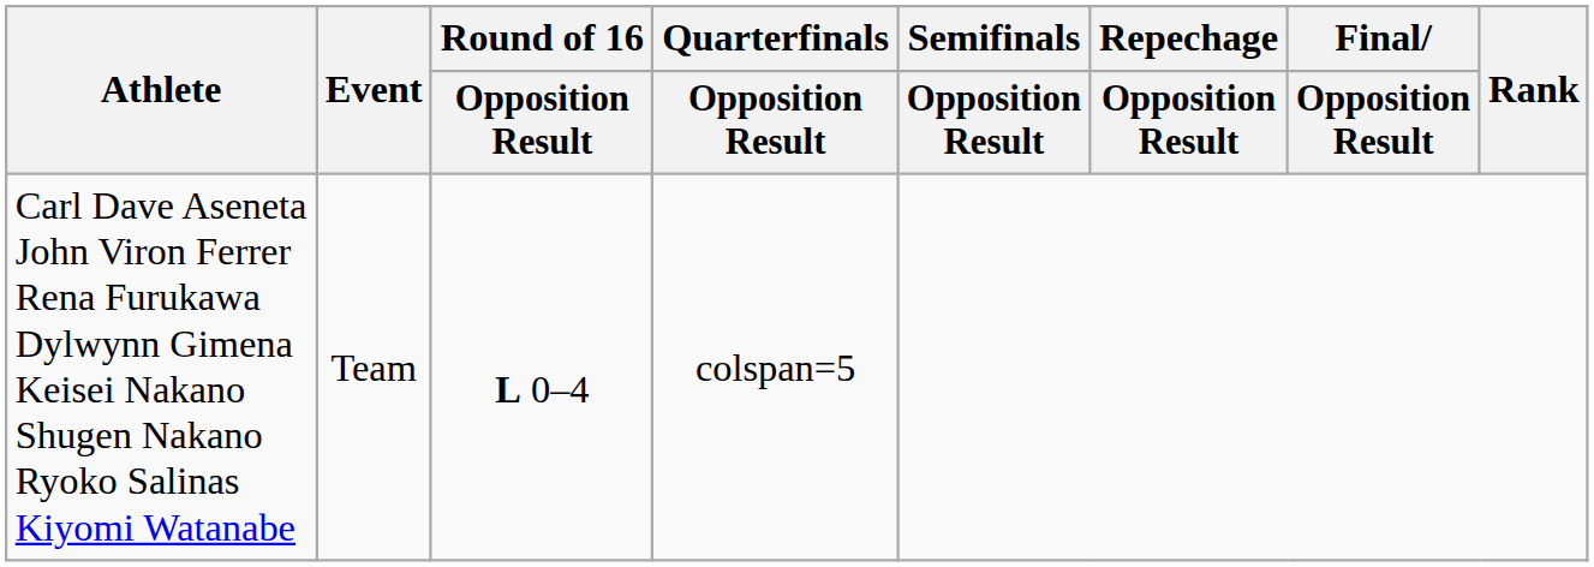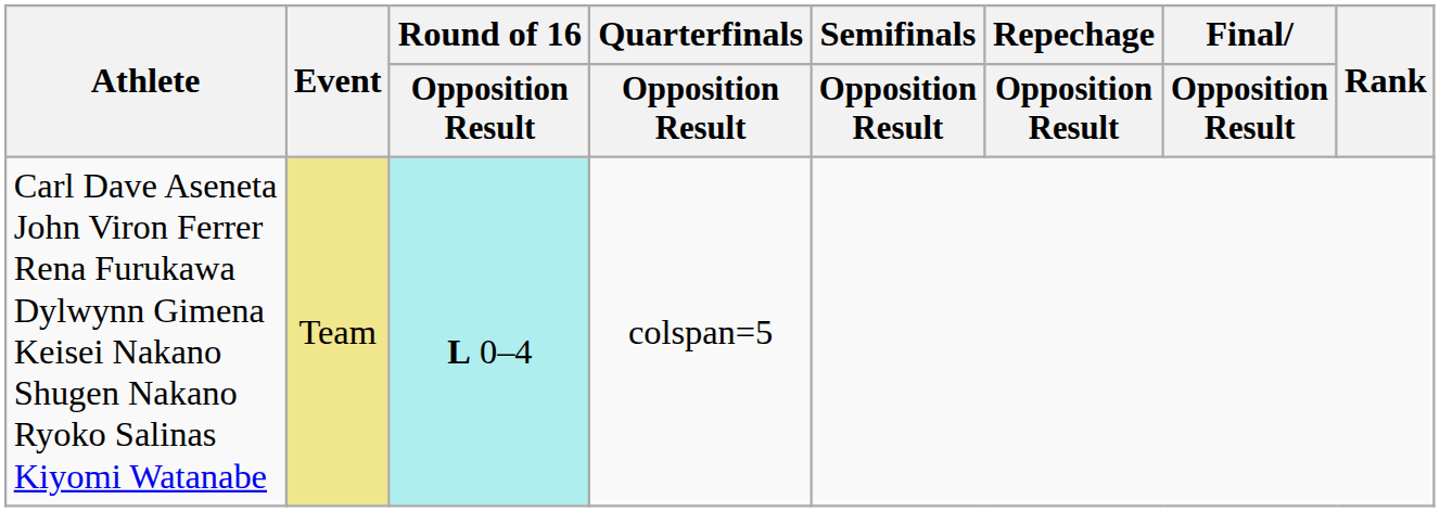 <table class=wikitable style="text-align:center; font-size:90%">
 <tr>
 <th rowspan=2>Athlete</th>
 <th rowspan=2>Event</th>
 <th>Round of 16</th>
 <th>Quarterfinals</th>
 <th>Semifinals</th>
 <th>Repechage</th>
 <th>Final/</th>
 <th rowspan=2>Rank</th>
 </tr>
 <tr style="font-size:95%">
 <th>Opposition<br>Result</th>
 <th>Opposition<br>Result</th>
 <th>Opposition<br>Result</th>
 <th>Opposition<br>Result</th>
 <th>Opposition<br>Result</th>
 </tr>
 <tr>
 <td align=left>Carl Dave Aseneta<br>John Viron Ferrer<br>Rena Furukawa<br>Dylwynn Gimena<br>Keisei Nakano<br>Shugen Nakano<br>Ryoko Salinas<br><a href='#'>Kiyomi Watanabe</a></td>
-<td>Team</td>
-<td><br><strong>L</strong> 0–4</td>
+<td style="background: khaki;">Team</td>
+<td style="background: paleturquoise;"><br><strong>L</strong> 0–4</td>
 <td>colspan=5 </td>
 </tr>
 </table>
